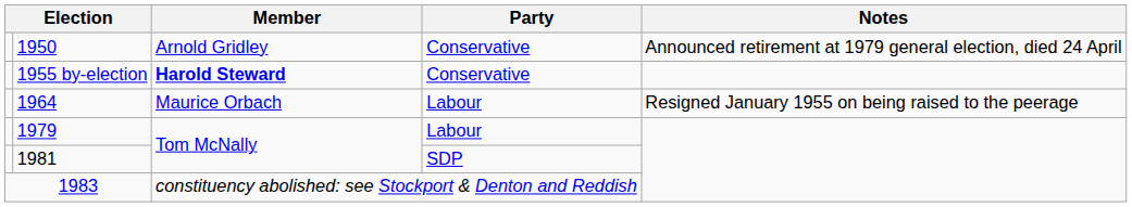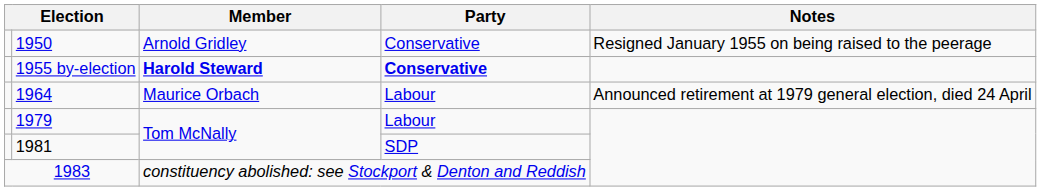 <table class="wikitable">
 <tr>
 <th colspan="2">Election</th>
 <th>Member</th>
 <th>Party</th>
 <th>Notes</th>
 </tr>
 <tr>
 <td style="color:inherit;background-color: "></td>
 <td><a href='#'>1950</a></td>
 <td><a href='#'>Arnold Gridley</a></td>
 <td><a href='#'>Conservative</a></td>
-<td>Announced retirement at 1979 general election, died 24 April</td>
+<td>Resigned January 1955 on being raised to the peerage</td>
 </tr>
 <tr>
 <td style="color:inherit;background-color: "></td>
 <td><a href='#'>1955 by-election</a></td>
 <td><strong><a href='#'>Harold Steward</a></strong></td>
-<td><a href='#'>Conservative</a></td>
+<td><strong><a href='#'>Conservative</a></strong></td>
 </tr>
 <tr>
 <td style="color:inherit;background-color: "></td>
 <td><a href='#'>1964</a></td>
 <td><a href='#'>Maurice Orbach</a></td>
 <td><a href='#'>Labour</a></td>
-<td>Resigned January 1955 on being raised to the peerage</td>
+<td>Announced retirement at 1979 general election, died 24 April</td>
 </tr>
 <tr>
 <td style="color:inherit;background-color: "></td>
 <td><a href='#'>1979</a></td>
 <td rowspan="2"><a href='#'>Tom McNally</a></td>
 <td><a href='#'>Labour</a></td>
 </tr>
 <tr>
 <td style="color:inherit;background-color: "></td>
 <td>1981</td>
 <td><a href='#'>SDP</a></td>
 </tr>
 <tr>
 <td colspan="2" align="center"><a href='#'>1983</a></td>
 <td colspan="2"><em>constituency abolished: see <a href='#'>Stockport</a> & <a href='#'>Denton and Reddish</a></em></td>
 </tr>
 </table>
